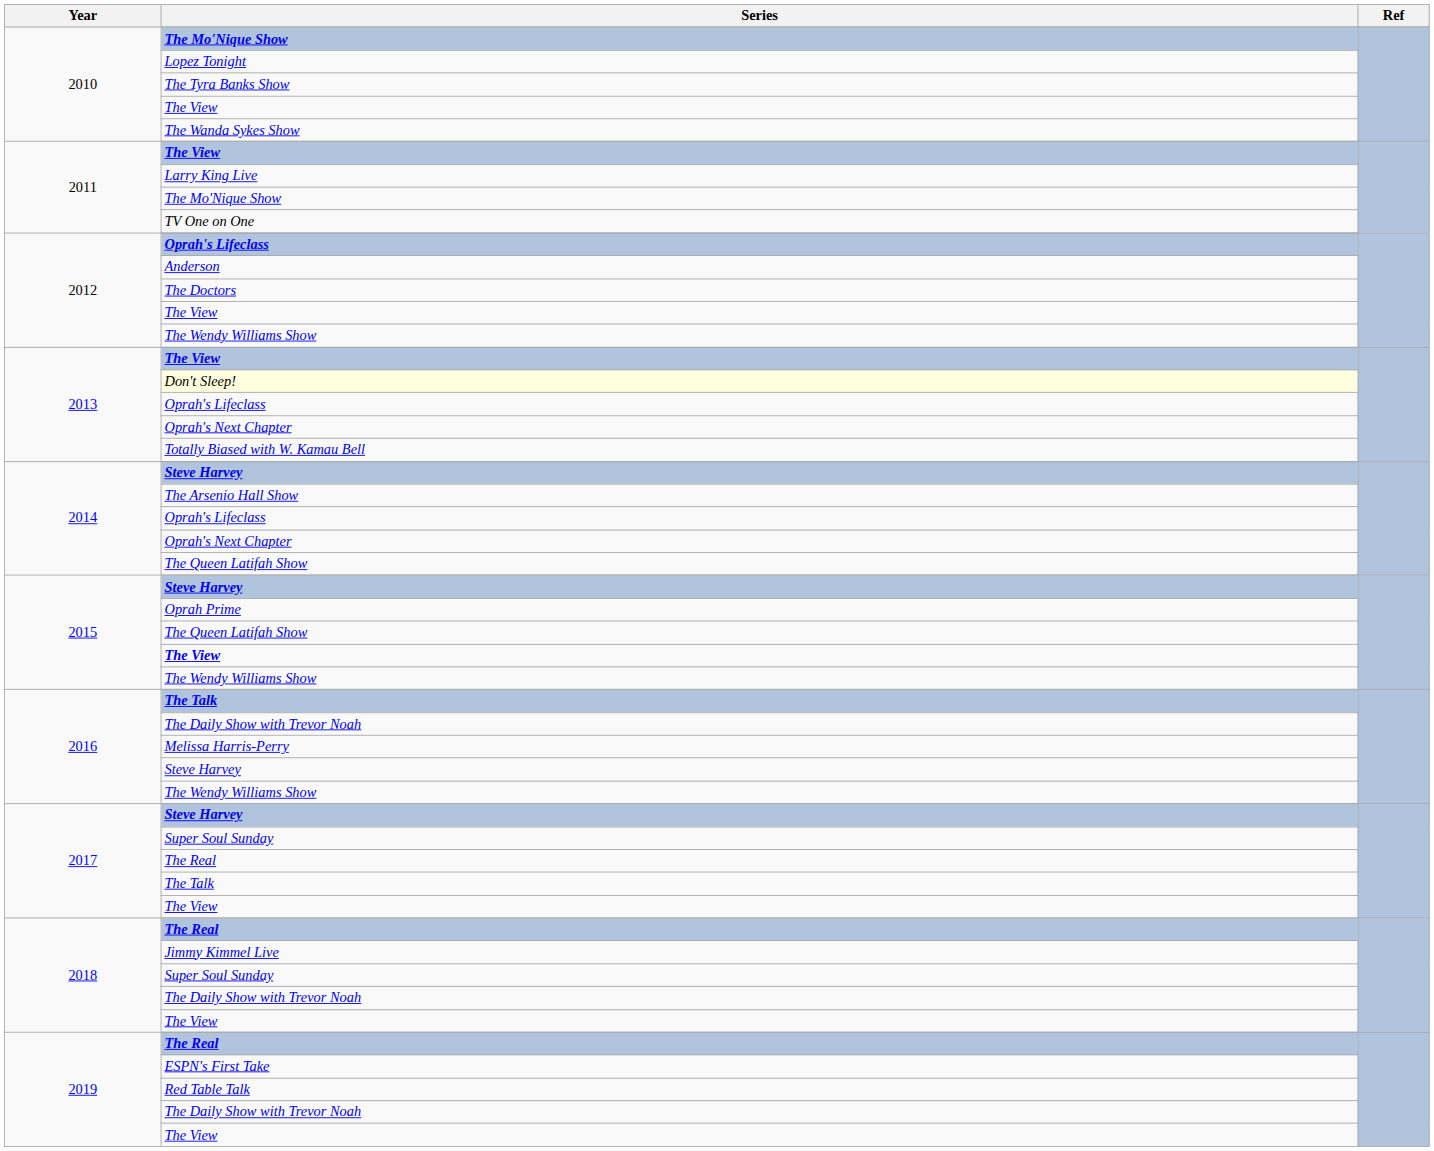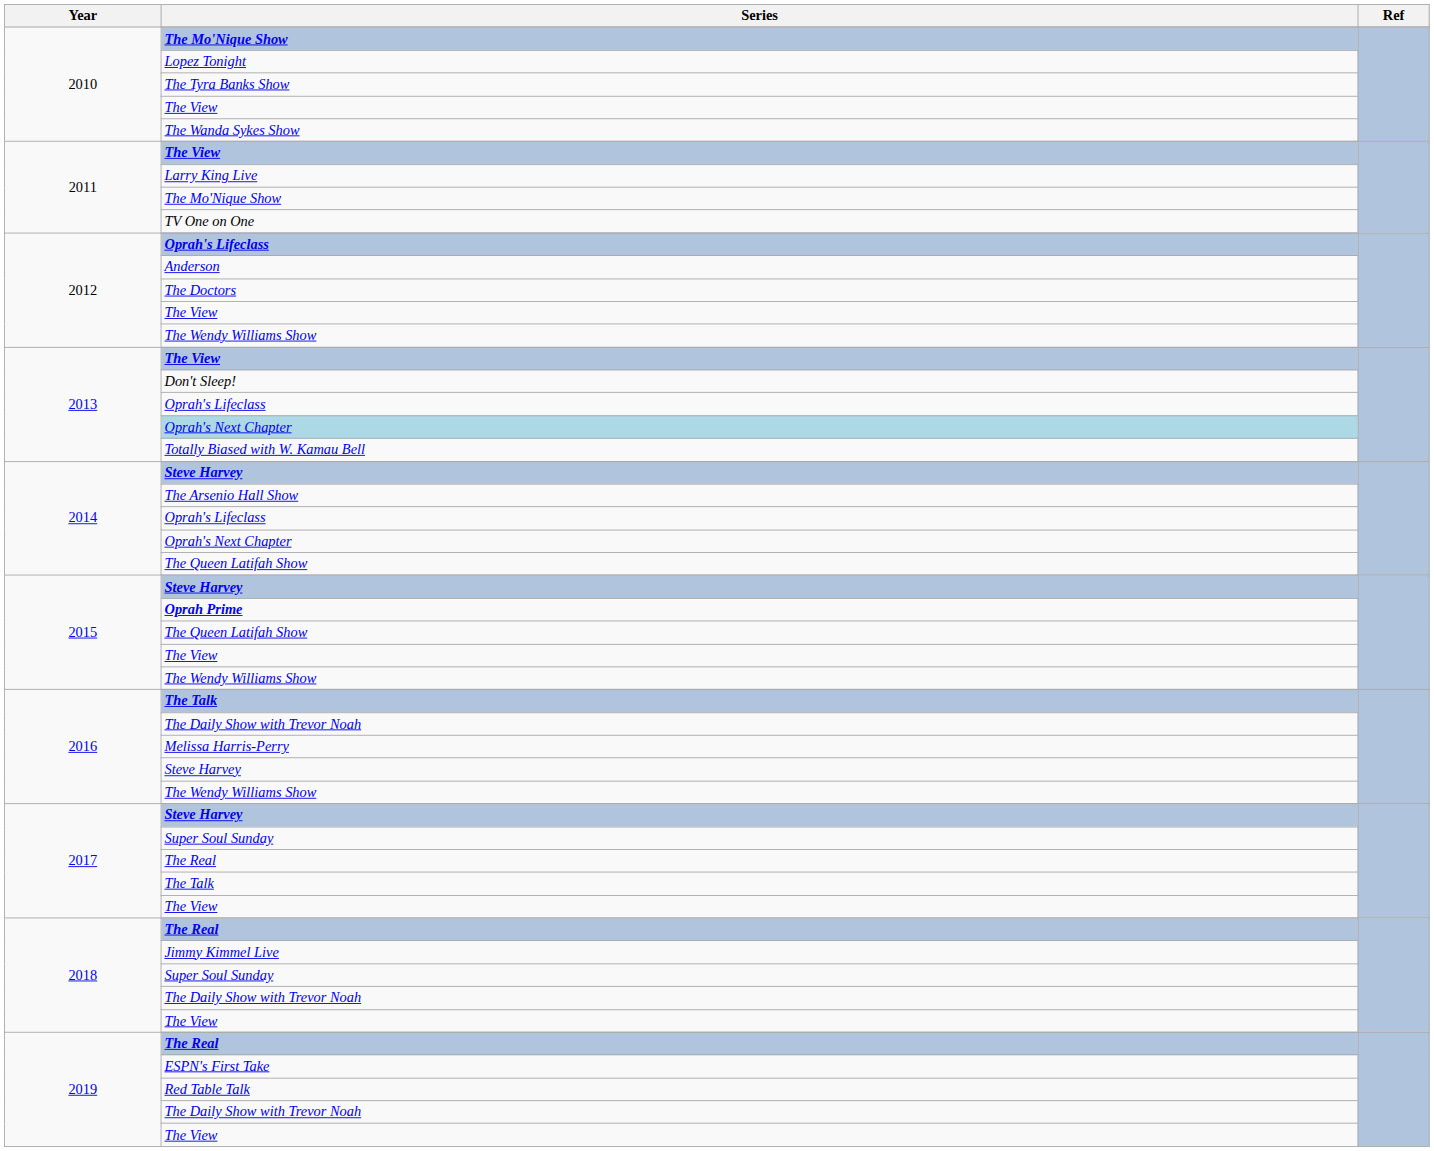 <table class="wikitable" style="width:100%;">
 <tr style="background:#bebebe;">
 <th style="width:11%;">Year</th>
 <th style="width:84%;">Series</th>
 <th style="width:5%;">Ref</th>
 </tr>
 <tr>
 <td rowspan="6" align="center">2010</td>
 </tr>
 <tr style="background:#B0C4DE">
 <td><strong><em><a href='#'>The Mo'Nique Show</a></em></strong></td>
 <td rowspan="6" align="center"></td>
 </tr>
 <tr>
 <td><em><a href='#'>Lopez Tonight</a></em></td>
 </tr>
 <tr>
 <td><em><a href='#'>The Tyra Banks Show</a></em></td>
 </tr>
 <tr>
 <td><em><a href='#'>The View</a></em></td>
 </tr>
 <tr>
 <td><em><a href='#'>The Wanda Sykes Show</a></em></td>
 </tr>
 <tr>
 <td rowspan="5" align="center">2011</td>
 </tr>
 <tr style="background:#B0C4DE">
 <td><strong><em><a href='#'>The View</a></em></strong></td>
 <td rowspan="5" align="center"></td>
 </tr>
 <tr>
 <td><em><a href='#'>Larry King Live</a></em></td>
 </tr>
 <tr>
 <td><em><a href='#'>The Mo'Nique Show</a></em></td>
 </tr>
 <tr>
 <td><em>TV One on One</em></td>
 </tr>
 <tr>
 <td rowspan="6" align="center">2012</td>
 </tr>
 <tr style="background:#B0C4DE">
 <td><strong><em><a href='#'>Oprah's Lifeclass</a></em></strong></td>
 <td rowspan="6" align="center"></td>
 </tr>
 <tr>
 <td><em><a href='#'>Anderson</a></em></td>
 </tr>
 <tr>
 <td><em><a href='#'>The Doctors</a></em></td>
 </tr>
 <tr>
 <td><em><a href='#'>The View</a></em></td>
 </tr>
 <tr>
 <td><em><a href='#'>The Wendy Williams Show</a></em></td>
 </tr>
 <tr>
 <td rowspan="6" align="center"><a href='#'>2013</a></td>
 </tr>
 <tr style="background:#B0C4DE">
 <td><strong><em><a href='#'>The View</a></em></strong></td>
 <td rowspan="6" align="center"></td>
 </tr>
 <tr>
-<td style="background: lightyellow;"><em>Don't Sleep!</em></td>
+<td><em>Don't Sleep!</em></td>
 </tr>
 <tr>
 <td><em><a href='#'>Oprah's Lifeclass</a></em></td>
 </tr>
 <tr>
-<td><em><a href='#'>Oprah's Next Chapter</a></em></td>
+<td style="background: lightblue;"><em><a href='#'>Oprah's Next Chapter</a></em></td>
 </tr>
 <tr>
 <td><em><a href='#'>Totally Biased with W. Kamau Bell</a></em></td>
 </tr>
 <tr>
 <td rowspan="6" align="center"><a href='#'>2014</a></td>
 </tr>
 <tr style="background:#B0C4DE">
 <td><strong><em><a href='#'>Steve Harvey</a></em></strong></td>
 <td rowspan="6" align="center"></td>
 </tr>
 <tr>
 <td><em><a href='#'>The Arsenio Hall Show</a></em></td>
 </tr>
 <tr>
 <td><em><a href='#'>Oprah's Lifeclass</a></em></td>
 </tr>
 <tr>
 <td><em><a href='#'>Oprah's Next Chapter</a></em></td>
 </tr>
 <tr>
 <td><em><a href='#'>The Queen Latifah Show</a></em></td>
 </tr>
 <tr>
 <td rowspan="6" align="center"><a href='#'>2015</a></td>
 </tr>
 <tr style="background:#B0C4DE">
 <td><strong><em><a href='#'>Steve Harvey</a></em></strong></td>
 <td rowspan="6" align="center"></td>
 </tr>
 <tr>
-<td><em><a href='#'>Oprah Prime</a></em></td>
+<td><strong><em><a href='#'>Oprah Prime</a></em></strong></td>
 </tr>
 <tr>
 <td><em><a href='#'>The Queen Latifah Show</a></em></td>
 </tr>
 <tr>
-<td><strong><em><a href='#'>The View</a></em></strong></td>
+<td><em><a href='#'>The View</a></em></td>
 </tr>
 <tr>
 <td><em><a href='#'>The Wendy Williams Show</a></em></td>
 </tr>
 <tr>
 <td rowspan="6" align="center"><a href='#'>2016</a></td>
 </tr>
 <tr style="background:#B0C4DE">
 <td><strong><em><a href='#'>The Talk</a></em></strong></td>
 <td rowspan="6" align="center"></td>
 </tr>
 <tr>
 <td><em><a href='#'>The Daily Show with Trevor Noah</a></em></td>
 </tr>
 <tr>
 <td><em><a href='#'>Melissa Harris-Perry</a></em></td>
 </tr>
 <tr>
 <td><em><a href='#'>Steve Harvey</a></em></td>
 </tr>
 <tr>
 <td><em><a href='#'>The Wendy Williams Show</a></em></td>
 </tr>
 <tr>
 <td rowspan="6" align="center"><a href='#'>2017</a></td>
 </tr>
 <tr style="background:#B0C4DE">
 <td><strong><em><a href='#'>Steve Harvey</a></em></strong></td>
 <td rowspan="6" align="center"></td>
 </tr>
 <tr>
 <td><em><a href='#'>Super Soul Sunday</a></em></td>
 </tr>
 <tr>
 <td><em><a href='#'>The Real</a></em></td>
 </tr>
 <tr>
 <td><em><a href='#'>The Talk</a></em></td>
 </tr>
 <tr>
 <td><em><a href='#'>The View</a></em></td>
 </tr>
 <tr>
 <td rowspan="6" align="center"><a href='#'>2018</a></td>
 </tr>
 <tr style="background:#B0C4DE">
 <td><strong><em><a href='#'>The Real</a></em></strong></td>
 <td rowspan="6" align="center"></td>
 </tr>
 <tr>
 <td><em><a href='#'>Jimmy Kimmel Live</a></em></td>
 </tr>
 <tr>
 <td><em><a href='#'>Super Soul Sunday</a></em></td>
 </tr>
 <tr>
 <td><em><a href='#'>The Daily Show with Trevor Noah</a></em></td>
 </tr>
 <tr>
 <td><em><a href='#'>The View</a></em></td>
 </tr>
 <tr>
 <td rowspan="6" align="center"><a href='#'>2019</a></td>
 </tr>
 <tr style="background:#B0C4DE">
 <td><strong><em><a href='#'>The Real</a></em></strong></td>
 <td rowspan="6" align="center"></td>
 </tr>
 <tr>
 <td><em><a href='#'>ESPN's First Take</a></em></td>
 </tr>
 <tr>
 <td><em><a href='#'>Red Table Talk</a></em></td>
 </tr>
 <tr>
 <td><em><a href='#'>The Daily Show with Trevor Noah</a></em></td>
 </tr>
 <tr>
 <td><em><a href='#'>The View</a></em></td>
 </tr>
 </table>
